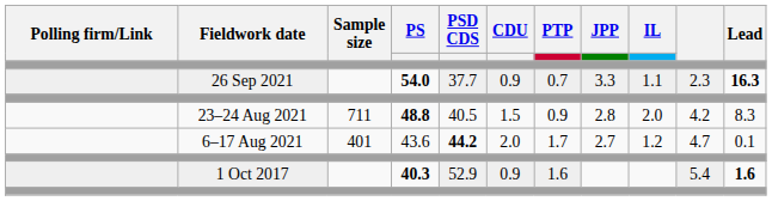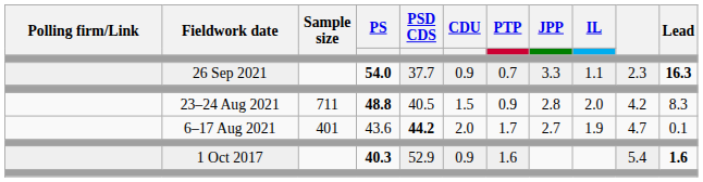 <table class="wikitable sortable mw-datatable" style="text-align:center;font-size:90%;line-height:16px;">
 <tr style="height:42px;">
 <th style="width:145px;" rowspan="2">Polling firm/Link</th>
 <th style="width:125px;" rowspan="2">Fieldwork date</th>
 <th class="unsortable" style="width:50px;" rowspan="2">Sample size</th>
 <th class="unsortable" style="width:35px;"><a href='#'>PS</a></th>
 <th class="unsortable" style="width:35px;"><a href='#'>PSD</a><br><a href='#'>CDS</a></th>
 <th class="unsortable" style="width:35px;"><a href='#'>CDU</a></th>
 <th class="unsortable" style="width:35px;"><a href='#'>PTP</a></th>
 <th class="unsortable" style="width:35px;"><a href='#'>JPP</a></th>
 <th class="unsortable" style="width:35px;"><a href='#'>IL</a></th>
 <th class="unsortable" style="width:35px;" rowspan="2"></th>
 <th class="unsortable" style="width:30px;" rowspan="2">Lead</th>
 </tr>
 <tr>
 <th class="unsortable" style="color:inherit;background:"></th>
 <th class="unsortable" style="color:inherit;background:"></th>
 <th class="unsortable" style="color:inherit;background:"></th>
 <th class="unsortable" style="color:inherit;background:#CC0033;"></th>
 <th class="unsortable" style="color:inherit;background:green;"></th>
 <th class="sortable" style="background:#00ADEF;"></th>
 </tr>
 <tr>
 <td colspan="13" style="background:#A0A0A0"></td>
 </tr>
 <tr>
 <td style="background:#EFEFEF;"><strong></strong></td>
 <td style="background:#EFEFEF;" data-sort-value="2019-10-06">26 Sep 2021</td>
 <td></td>
 <td><strong>54.0</strong><br></td>
 <td style="background:#EFEFEF;">37.7<br></td>
 <td style="background:#EFEFEF;">0.9<br></td>
 <td style="background:#EFEFEF;">0.7<br></td>
 <td style="background:#EFEFEF;">3.3<br></td>
 <td style="background:#EFEFEF;">1.1<br></td>
 <td style="background:#EFEFEF;">2.3</td>
 <td style="background:"><strong>16.3</strong></td>
 </tr>
 <tr>
 <td colspan="13" style="background:#A0A0A0"></td>
 </tr>
 <tr>
 <td align="center"><br></td>
 <td align="center">23–24 Aug 2021</td>
 <td>711</td>
 <td align="center" ><strong>48.8</strong><br></td>
 <td align="center">40.5<br></td>
 <td align="center">1.5<br></td>
 <td align="center">0.9<br></td>
 <td align="center">2.8<br></td>
 <td align="center">2.0<br></td>
 <td align="center">4.2<br></td>
 <td style="background:">8.3</td>
 </tr>
 <tr>
 <td align="center"></td>
 <td align="center">6–17 Aug 2021</td>
 <td align="center">401</td>
 <td align="center">43.6</td>
 <td align="center" ><strong>44.2</strong></td>
 <td align="center">2.0</td>
 <td align="center">1.7</td>
 <td align="center">2.7</td>
-<td align="center">1.2</td>
+<td align="center">1.9</td>
 <td align="center">4.7</td>
 <td style="background:">0.1</td>
 </tr>
 <tr>
 <td colspan="13" style="background:#A0A0A0"></td>
 </tr>
 <tr>
 <td style="background:#EFEFEF;"><strong></strong></td>
 <td style="background:#EFEFEF;" data-sort-value="2019-10-06">1 Oct 2017</td>
 <td></td>
 <td><strong>40.3</strong><br></td>
 <td style="background:#EFEFEF;">52.9<br></td>
 <td style="background:#EFEFEF;">0.9<br></td>
 <td style="background:#EFEFEF;">1.6<br></td>
 <td></td>
 <td></td>
 <td style="background:#EFEFEF;">5.4</td>
 <td style="background:"><strong>1.6</strong></td>
 </tr>
 <tr>
 <td colspan="13" style="background:#A0A0A0"></td>
 </tr>
 </table>
